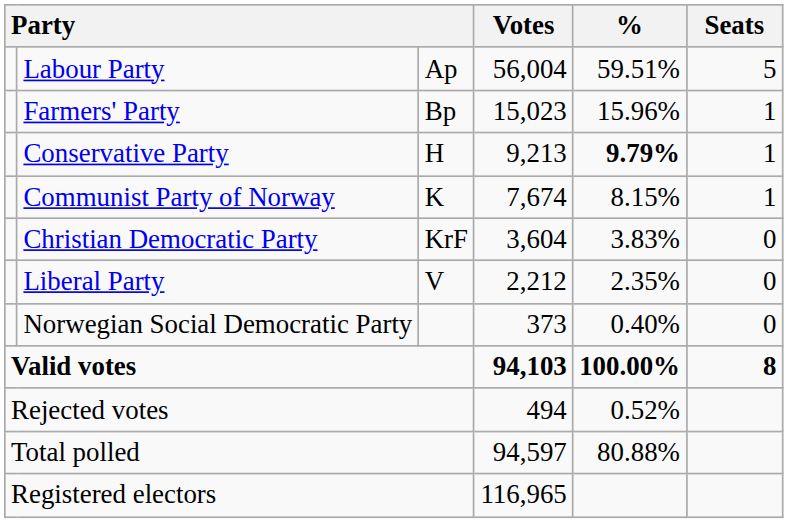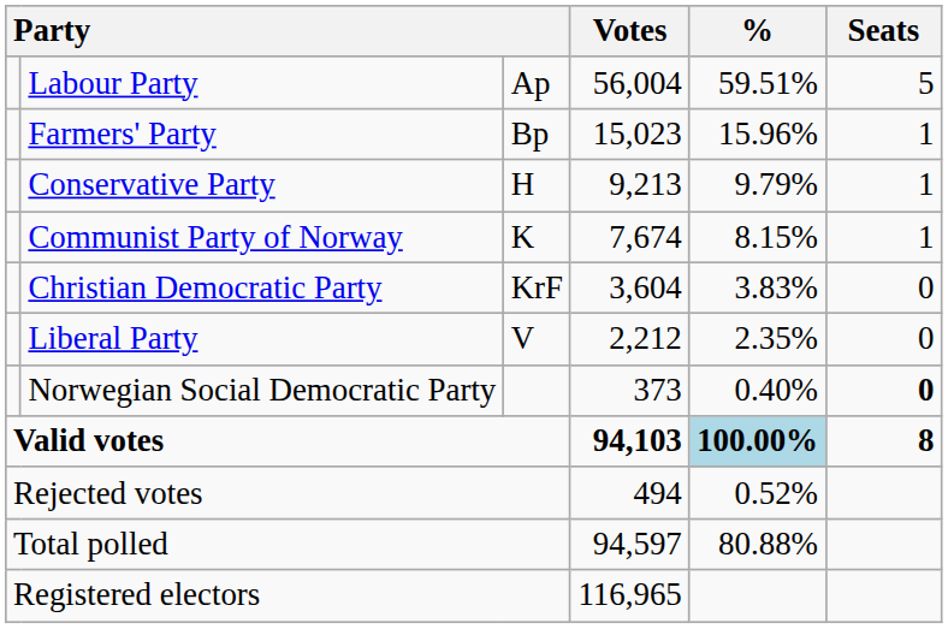 <table class="wikitable" border="1" style="text-align:right;">
 <tr>
 <th style="text-align:left;" colspan=3>Party</th>
 <th align=center width="50">Votes</th>
 <th align=center width="50">%</th>
 <th align=center width="50">Seats</th>
 </tr>
 <tr>
 <td style="color:inherit;background:"></td>
 <td align=left><a href='#'>Labour Party</a></td>
 <td align=left>Ap</td>
 <td>56,004</td>
 <td>59.51%</td>
 <td>5</td>
 </tr>
 <tr>
 <td style="color:inherit;background:"></td>
 <td align=left><a href='#'>Farmers' Party</a></td>
 <td align=left>Bp</td>
 <td>15,023</td>
 <td>15.96%</td>
 <td>1</td>
 </tr>
 <tr>
 <td style="color:inherit;background:"></td>
 <td align=left><a href='#'>Conservative Party</a></td>
 <td align=left>H</td>
 <td>9,213</td>
-<td><strong>9.79%</strong></td>
+<td>9.79%</td>
 <td>1</td>
 </tr>
 <tr>
 <td style="color:inherit;background:"></td>
 <td align=left><a href='#'>Communist Party of Norway</a></td>
 <td align=left>K</td>
 <td>7,674</td>
 <td>8.15%</td>
 <td>1</td>
 </tr>
 <tr>
 <td style="color:inherit;background:"></td>
 <td align=left><a href='#'>Christian Democratic Party</a></td>
 <td align=left>KrF</td>
 <td>3,604</td>
 <td>3.83%</td>
 <td>0</td>
 </tr>
 <tr>
 <td style="color:inherit;background:"></td>
 <td align=left><a href='#'>Liberal Party</a></td>
 <td align=left>V</td>
 <td>2,212</td>
 <td>2.35%</td>
 <td>0</td>
 </tr>
 <tr>
 <td></td>
 <td align=left>Norwegian Social Democratic Party</td>
 <td align=left></td>
 <td>373</td>
 <td>0.40%</td>
-<td>0</td>
+<td><strong>0</strong></td>
 </tr>
 <tr style="font-weight:bold">
 <td align=left colspan=3>Valid votes</td>
 <td>94,103</td>
-<td>100.00%</td>
+<td style="background: lightblue;">100.00%</td>
 <td>8</td>
 </tr>
 <tr>
 <td align=left colspan=3>Rejected votes</td>
 <td>494</td>
 <td>0.52%</td>
 <td></td>
 </tr>
 <tr>
 <td align=left colspan=3>Total polled</td>
 <td>94,597</td>
 <td>80.88%</td>
 <td></td>
 </tr>
 <tr>
 <td align=left colspan=3>Registered electors</td>
 <td>116,965</td>
 <td></td>
 <td></td>
 </tr>
 </table>
